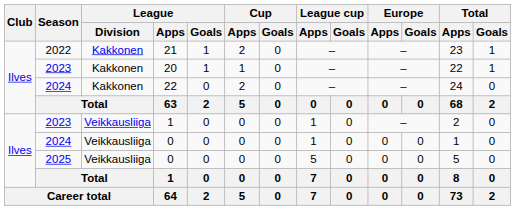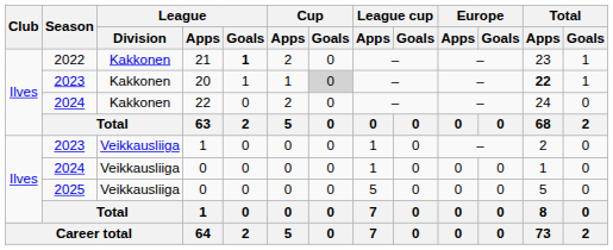 <table class="wikitable" style="text-align:center">
 <tr>
 <th rowspan="2">Club</th>
 <th rowspan="2">Season</th>
 <th colspan="3">League</th>
 <th colspan="2">Cup</th>
 <th colspan="2">League cup</th>
 <th colspan="2">Europe</th>
 <th colspan="2">Total</th>
 </tr>
 <tr>
 <th>Division</th>
 <th>Apps</th>
 <th>Goals</th>
 <th>Apps</th>
 <th>Goals</th>
 <th>Apps</th>
 <th>Goals</th>
 <th>Apps</th>
 <th>Goals</th>
 <th>Apps</th>
 <th>Goals</th>
 </tr>
 <tr>
 <td rowspan="4"><a href='#'>Ilves</a></td>
 <td>2022</td>
 <td><a href='#'>Kakkonen</a></td>
 <td>21</td>
-<td>1</td>
+<td><strong>1</strong></td>
 <td>2</td>
 <td>0</td>
 <td colspan=2>–</td>
 <td colspan=2>–</td>
 <td>23</td>
 <td>1</td>
 </tr>
 <tr>
 <td><a href='#'>2023</a></td>
 <td>Kakkonen</td>
 <td>20</td>
 <td>1</td>
 <td>1</td>
-<td>0</td>
+<td style="background: lightgrey;">0</td>
 <td colspan=2>–</td>
 <td colspan=2>–</td>
-<td>22</td>
+<td><strong>22</strong></td>
 <td>1</td>
 </tr>
 <tr>
 <td><a href='#'>2024</a></td>
 <td>Kakkonen</td>
 <td>22</td>
 <td>0</td>
 <td>2</td>
 <td>0</td>
 <td colspan=2>–</td>
 <td colspan=2>–</td>
 <td>24</td>
 <td>0</td>
 </tr>
 <tr>
 <th colspan=2>Total</th>
 <th>63</th>
 <th>2</th>
 <th>5</th>
 <th>0</th>
 <th>0</th>
 <th>0</th>
 <th>0</th>
 <th>0</th>
 <th>68</th>
 <th>2</th>
 </tr>
 <tr>
 <td rowspan=4><a href='#'>Ilves</a></td>
 <td><a href='#'>2023</a></td>
 <td><a href='#'>Veikkausliiga</a></td>
 <td>1</td>
 <td>0</td>
 <td>0</td>
 <td>0</td>
 <td>1</td>
 <td>0</td>
 <td colspan=2>–</td>
 <td>2</td>
 <td>0</td>
 </tr>
 <tr>
 <td><a href='#'>2024</a></td>
 <td>Veikkausliiga</td>
 <td>0</td>
 <td>0</td>
 <td>0</td>
 <td>0</td>
 <td>1</td>
 <td>0</td>
 <td>0</td>
 <td>0</td>
 <td>1</td>
 <td>0</td>
 </tr>
 <tr>
 <td><a href='#'>2025</a></td>
 <td>Veikkausliiga</td>
 <td>0</td>
 <td>0</td>
 <td>0</td>
 <td>0</td>
 <td>5</td>
 <td>0</td>
 <td>0</td>
 <td>0</td>
 <td>5</td>
 <td>0</td>
 </tr>
 <tr>
 <th colspan=2>Total</th>
 <th>1</th>
 <th>0</th>
 <th>0</th>
 <th>0</th>
 <th>7</th>
 <th>0</th>
 <th>0</th>
 <th>0</th>
 <th>8</th>
 <th>0</th>
 </tr>
 <tr>
 <th colspan="3">Career total</th>
 <th>64</th>
 <th>2</th>
 <th>5</th>
 <th>0</th>
 <th>7</th>
 <th>0</th>
 <th>0</th>
 <th>0</th>
 <th>73</th>
 <th>2</th>
 </tr>
 </table>
